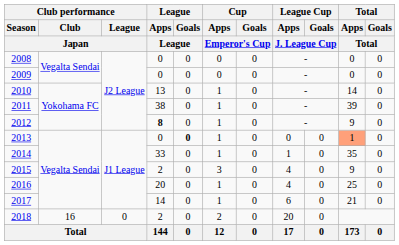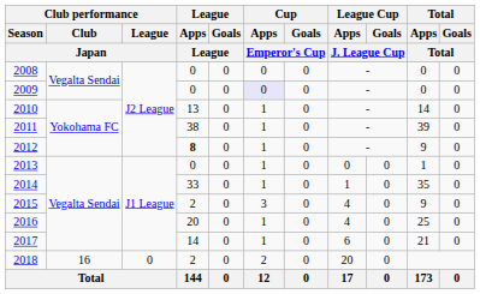 <table class="wikitable" style="text-align:center;">
 <tr>
 <th colspan=3>Club performance</th>
 <th colspan=2>League</th>
 <th colspan=2>Cup</th>
 <th colspan=2>League Cup</th>
 <th colspan=2>Total</th>
 </tr>
 <tr>
 <th>Season</th>
 <th>Club</th>
 <th>League</th>
 <th>Apps</th>
 <th>Goals</th>
 <th>Apps</th>
 <th>Goals</th>
 <th>Apps</th>
 <th>Goals</th>
 <th>Apps</th>
 <th>Goals</th>
 </tr>
 <tr>
 <th colspan=3>Japan</th>
 <th colspan=2>League</th>
 <th colspan=2><a href='#'>Emperor's Cup</a></th>
 <th colspan="2"><a href='#'>J. League Cup</a></th>
 <th colspan=2>Total</th>
 </tr>
 <tr>
 <td><a href='#'>2008</a></td>
 <td rowspan="2"><a href='#'>Vegalta Sendai</a></td>
 <td rowspan="5"><a href='#'>J2 League</a></td>
 <td>0</td>
 <td>0</td>
 <td>0</td>
 <td>0</td>
 <td colspan="2">-</td>
 <td>0</td>
 <td>0</td>
 </tr>
 <tr>
 <td><a href='#'>2009</a></td>
 <td>0</td>
 <td>0</td>
-<td>0</td>
+<td style="background: lavender;">0</td>
 <td>0</td>
 <td colspan="2">-</td>
 <td>0</td>
 <td>0</td>
 </tr>
 <tr>
 <td><a href='#'>2010</a></td>
 <td rowspan="3"><a href='#'>Yokohama FC</a></td>
 <td>13</td>
 <td>0</td>
 <td>1</td>
 <td>0</td>
 <td colspan="2">-</td>
 <td>14</td>
 <td>0</td>
 </tr>
 <tr>
 <td><a href='#'>2011</a></td>
 <td>38</td>
 <td>0</td>
 <td>1</td>
 <td>0</td>
 <td colspan="2">-</td>
 <td>39</td>
 <td>0</td>
 </tr>
 <tr>
 <td><a href='#'>2012</a></td>
 <td><strong>8</strong></td>
 <td>0</td>
 <td>1</td>
 <td>0</td>
 <td colspan="2">-</td>
 <td>9</td>
 <td>0</td>
 </tr>
 <tr>
 <td><a href='#'>2013</a></td>
 <td rowspan="5"><a href='#'>Vegalta Sendai</a></td>
 <td rowspan="5"><a href='#'>J1 League</a></td>
 <td>0</td>
-<td><strong>0</strong></td>
+<td>0</td>
 <td>1</td>
 <td>0</td>
 <td>0</td>
 <td>0</td>
-<td style="background: lightsalmon;">1</td>
+<td>1</td>
 <td>0</td>
 </tr>
 <tr>
 <td><a href='#'>2014</a></td>
 <td>33</td>
 <td>0</td>
 <td>1</td>
 <td>0</td>
 <td>1</td>
 <td>0</td>
 <td>35</td>
 <td>0</td>
 </tr>
 <tr>
 <td><a href='#'>2015</a></td>
 <td>2</td>
 <td>0</td>
 <td>3</td>
 <td>0</td>
 <td>4</td>
 <td>0</td>
 <td>9</td>
 <td>0</td>
 </tr>
 <tr>
 <td><a href='#'>2016</a></td>
 <td>20</td>
 <td>0</td>
 <td>1</td>
 <td>0</td>
 <td>4</td>
 <td>0</td>
 <td>25</td>
 <td>0</td>
 </tr>
 <tr>
 <td><a href='#'>2017</a></td>
 <td>14</td>
 <td>0</td>
 <td>1</td>
 <td>0</td>
 <td>6</td>
 <td>0</td>
 <td>21</td>
 <td>0</td>
 </tr>
 <tr>
 <td><a href='#'>2018</a></td>
 <td>16</td>
 <td>0</td>
 <td>2</td>
 <td>0</td>
 <td>2</td>
 <td>0</td>
 <td>20</td>
 <td>0</td>
 </tr>
 <tr>
 <th colspan=3>Total</th>
 <th>144</th>
 <th>0</th>
 <th>12</th>
 <th>0</th>
 <th>17</th>
 <th>0</th>
 <th>173</th>
 <th>0</th>
 </tr>
 </table>
